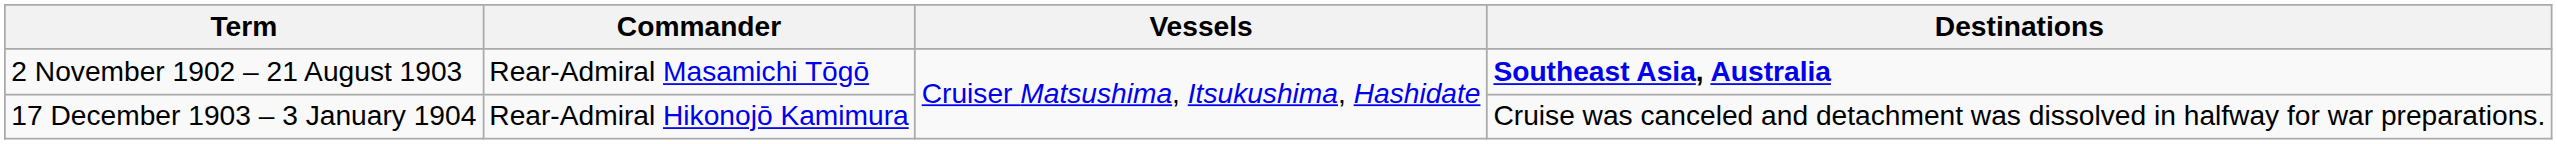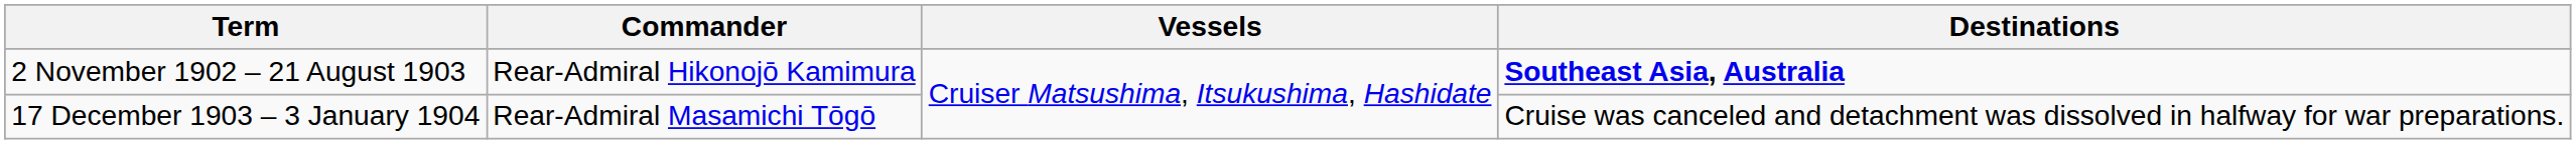 <table class="wikitable">
 <tr>
 <th>Term</th>
 <th>Commander</th>
 <th>Vessels</th>
 <th>Destinations</th>
 </tr>
 <tr>
 <td>2 November 1902 – 21 August 1903</td>
-<td>Rear-Admiral <a href='#'>Masamichi Tōgō</a></td>
+<td>Rear-Admiral <a href='#'>Hikonojō Kamimura</a></td>
 <td rowspan=2><a href='#'>Cruiser <em>Matsushima</em></a>, <a href='#'><em>Itsukushima</em></a>, <a href='#'><em>Hashidate</em></a></td>
 <td><strong><a href='#'>Southeast Asia</a>, <a href='#'>Australia</a></strong></td>
 </tr>
 <tr>
 <td>17 December 1903 – 3 January 1904</td>
-<td>Rear-Admiral <a href='#'>Hikonojō Kamimura</a></td>
+<td>Rear-Admiral <a href='#'>Masamichi Tōgō</a></td>
 <td>Cruise was canceled and detachment was dissolved in halfway for war preparations.</td>
 </tr>
 </table>
